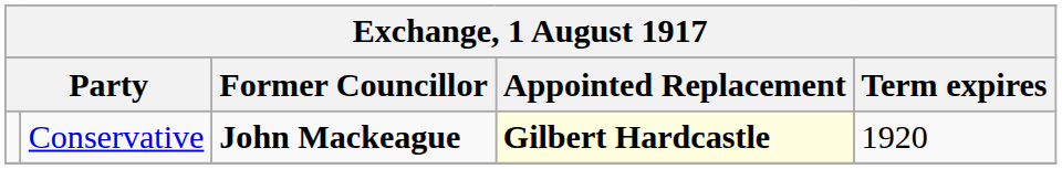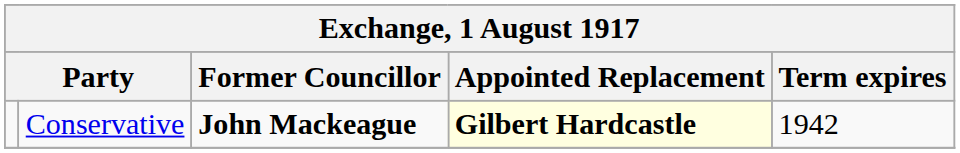 <table class="wikitable">
 <tr>
 <th colspan="5"><strong>Exchange, 1 August 1917</strong></th>
 </tr>
 <tr>
 <th colspan="2">Party</th>
 <th>Former Councillor</th>
 <th>Appointed Replacement</th>
 <th>Term expires</th>
 </tr>
 <tr>
 <td style="background-color:"></td>
 <td><a href='#'>Conservative</a></td>
 <td><strong>John Mackeague</strong></td>
 <td style="background: lightyellow;"><strong>Gilbert Hardcastle</strong></td>
-<td>1920</td>
+<td>1942</td>
 </tr>
 <tr>
 </tr>
 </table>
